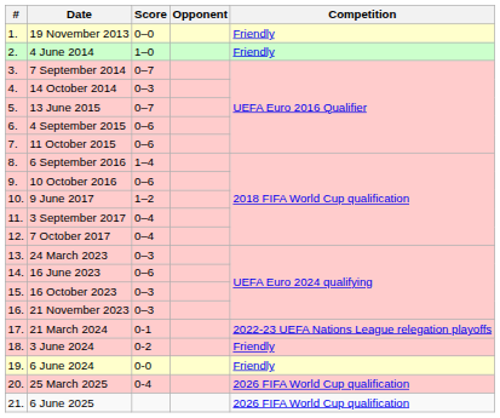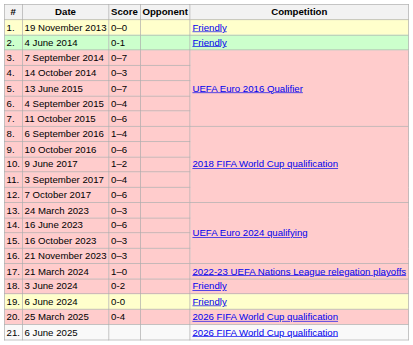 <table class="wikitable" style="font-size:90%">
 <tr>
 <th>#</th>
 <th>Date</th>
 <th>Score</th>
 <th>Opponent</th>
 <th>Competition</th>
 </tr>
 <tr style="background: #FFFFCC">
 <td>1.</td>
 <td>19 November 2013</td>
 <td>0–0</td>
 <td></td>
 <td><a href='#'>Friendly</a></td>
 </tr>
 <tr style="background: #CCFFCC">
 <td>2.</td>
 <td>4 June 2014</td>
-<td>1–0</td>
+<td>0-1</td>
 <td></td>
 <td><a href='#'>Friendly</a></td>
 </tr>
 <tr style="background: #FFCCCC">
 <td>3.</td>
 <td>7 September 2014</td>
 <td>0–7</td>
 <td></td>
 <td rowspan="5"><a href='#'>UEFA Euro 2016 Qualifier</a></td>
 </tr>
 <tr style="background: #FFCCCC">
 <td>4.</td>
 <td>14 October 2014</td>
 <td>0–3</td>
 <td></td>
 </tr>
 <tr style="background: #FFCCCC">
 <td>5.</td>
 <td>13 June 2015</td>
 <td>0–7</td>
 <td></td>
 </tr>
 <tr style="background: #FFCCCC">
 <td>6.</td>
 <td>4 September 2015</td>
-<td>0–6</td>
+<td>0–4</td>
 <td></td>
 </tr>
 <tr style="background: #FFCCCC">
 <td>7.</td>
 <td>11 October 2015</td>
 <td>0–6</td>
 <td></td>
 </tr>
 <tr style="background: #FFCCCC">
 <td>8.</td>
 <td>6 September 2016</td>
 <td>1–4</td>
 <td></td>
 <td rowspan="5"><a href='#'>2018 FIFA World Cup qualification</a></td>
 </tr>
 <tr style="background: #FFCCCC">
 <td>9.</td>
 <td>10 October 2016</td>
 <td>0–6</td>
 <td></td>
 </tr>
 <tr style="background: #FFCCCC">
 <td>10.</td>
 <td>9 June 2017</td>
 <td>1–2</td>
 <td></td>
 </tr>
 <tr style="background: #FFCCCC">
 <td>11.</td>
 <td>3 September 2017</td>
 <td>0–4</td>
 <td></td>
 </tr>
 <tr style="background: #FFCCCC">
 <td>12.</td>
 <td>7 October 2017</td>
-<td>0–4</td>
+<td>0–6</td>
 <td></td>
 </tr>
 <tr style="background: #FFCCCC">
 <td>13.</td>
 <td>24 March 2023</td>
 <td>0–3</td>
 <td></td>
 <td rowspan="4"><a href='#'>UEFA Euro 2024 qualifying</a></td>
 </tr>
 <tr style="background: #FFCCCC">
 <td>14.</td>
 <td>16 June 2023</td>
 <td>0–6</td>
 <td></td>
 </tr>
 <tr style="background: #FFCCCC">
 <td>15.</td>
 <td>16 October 2023</td>
 <td>0–3</td>
 <td></td>
 </tr>
 <tr style="background: #FFCCCC">
 <td>16.</td>
 <td>21 November 2023</td>
 <td>0–3</td>
 <td></td>
 </tr>
 <tr style="background: #FFCCCC">
 <td>17.</td>
 <td>21 March 2024</td>
-<td>0-1</td>
+<td>1–0</td>
 <td></td>
 <td><a href='#'>2022-23 UEFA Nations League relegation playoffs</a></td>
 </tr>
 <tr style="background: #FFCCCC">
 <td>18.</td>
 <td>3 June 2024</td>
 <td>0-2</td>
 <td></td>
 <td><a href='#'>Friendly</a></td>
 </tr>
 <tr style="background: #FFFFCC">
 <td>19.</td>
 <td>6 June 2024</td>
 <td>0-0</td>
 <td></td>
 <td><a href='#'>Friendly</a></td>
 </tr>
 <tr style="background: #FFCCCC">
 <td>20.</td>
 <td>25 March 2025</td>
 <td>0-4</td>
 <td></td>
 <td><a href='#'>2026 FIFA World Cup qualification</a></td>
 </tr>
 <tr style="background">
 <td>21.</td>
 <td>6 June 2025</td>
 <td></td>
 <td></td>
 <td><a href='#'>2026 FIFA World Cup qualification</a></td>
 </tr>
 </table>
